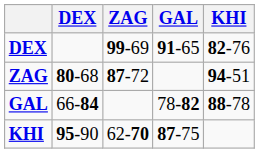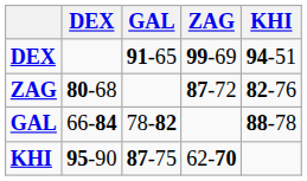 <table class="wikitable">
 <tr>
 <th></th>
 <th> <a href='#'>DEX</a></th>
+<th> <a href='#'>GAL</a></th>
 <th> <a href='#'>ZAG</a></th>
-<th> <a href='#'>GAL</a></th>
 <th> <a href='#'><strong>KHI</strong></a></th>
 </tr>
 <tr>
 <td> <a href='#'><strong>DEX</strong></a></td>
 <td></td>
+<td><strong>91</strong>-65</td>
 <td><strong>99</strong>-69</td>
-<td><strong>91</strong>-65</td>
-<td><strong>82</strong>-76</td>
+<td><strong>94</strong>-51</td>
 </tr>
 <tr>
 <td> <a href='#'><strong>ZAG</strong></a></td>
 <td><strong>80</strong>-68</td>
+<td></td>
 <td><strong>87</strong>-72</td>
-<td></td>
-<td><strong>94</strong>-51</td>
+<td><strong>82</strong>-76</td>
 </tr>
 <tr>
 <td> <a href='#'><strong>GAL</strong></a></td>
 <td>66-<strong>84</strong></td>
+<td>78-<strong>82</strong></td>
 <td></td>
-<td>78-<strong>82</strong></td>
 <td><strong>88</strong>-78</td>
 </tr>
 <tr>
 <td> <a href='#'><strong>KHI</strong></a></td>
 <td><strong>95</strong>-90</td>
+<td><strong>87</strong>-75</td>
 <td>62-<strong>70</strong></td>
-<td><strong>87</strong>-75</td>
 <td></td>
 </tr>
 </table>
